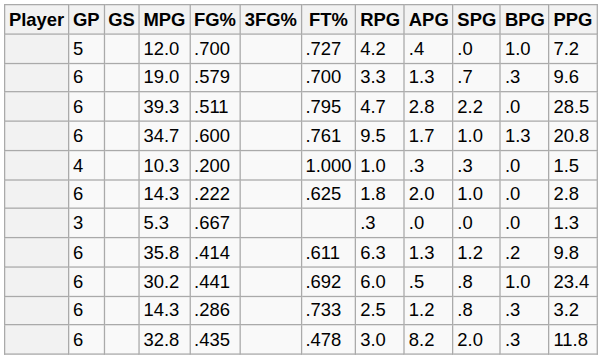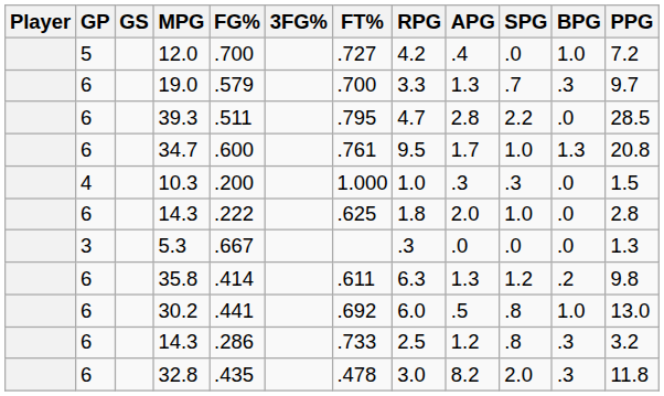 <table class="wikitable sortable" style="font-size: 90%">
 <tr>
 <th scope="col">Player</th>
 <th scope="col">GP</th>
 <th scope="col">GS</th>
 <th scope="col">MPG</th>
 <th scope="col">FG%</th>
 <th scope="col">3FG%</th>
 <th scope="col">FT%</th>
 <th scope="col">RPG</th>
 <th scope="col">APG</th>
 <th scope="col">SPG</th>
 <th scope="col">BPG</th>
 <th scope="col">PPG</th>
 </tr>
 <tr>
 <th scope="row" style="text-align:left;"></th>
 <td>5</td>
 <td></td>
 <td>12.0</td>
 <td>.700</td>
 <td></td>
 <td>.727</td>
 <td>4.2</td>
 <td>.4</td>
 <td>.0</td>
 <td>1.0</td>
 <td>7.2</td>
 </tr>
 <tr>
 <th scope="row" style="text-align:left;"></th>
 <td>6</td>
 <td></td>
 <td>19.0</td>
 <td>.579</td>
 <td></td>
 <td>.700</td>
 <td>3.3</td>
 <td>1.3</td>
 <td>.7</td>
 <td>.3</td>
-<td>9.6</td>
+<td>9.7</td>
 </tr>
 <tr>
 <th scope="row" style="text-align:left;"></th>
 <td>6</td>
 <td></td>
 <td>39.3</td>
 <td>.511</td>
 <td></td>
 <td>.795</td>
 <td>4.7</td>
 <td>2.8</td>
 <td>2.2</td>
 <td>.0</td>
 <td>28.5</td>
 </tr>
 <tr>
 <th scope="row" style="text-align:left;"></th>
 <td>6</td>
 <td></td>
 <td>34.7</td>
 <td>.600</td>
 <td></td>
 <td>.761</td>
 <td>9.5</td>
 <td>1.7</td>
 <td>1.0</td>
 <td>1.3</td>
 <td>20.8</td>
 </tr>
 <tr>
 <th scope="row" style="text-align:left;"></th>
 <td>4</td>
 <td></td>
 <td>10.3</td>
 <td>.200</td>
 <td></td>
 <td>1.000</td>
 <td>1.0</td>
 <td>.3</td>
 <td>.3</td>
 <td>.0</td>
 <td>1.5</td>
 </tr>
 <tr>
 <th scope="row" style="text-align:left;"></th>
 <td>6</td>
 <td></td>
 <td>14.3</td>
 <td>.222</td>
 <td></td>
 <td>.625</td>
 <td>1.8</td>
 <td>2.0</td>
 <td>1.0</td>
 <td>.0</td>
 <td>2.8</td>
 </tr>
 <tr>
 <th scope="row" style="text-align:left;"></th>
 <td>3</td>
 <td></td>
 <td>5.3</td>
 <td>.667</td>
 <td></td>
 <td></td>
 <td>.3</td>
 <td>.0</td>
 <td>.0</td>
 <td>.0</td>
 <td>1.3</td>
 </tr>
 <tr>
 <th scope="row" style="text-align:left;"></th>
 <td>6</td>
 <td></td>
 <td>35.8</td>
 <td>.414</td>
 <td></td>
 <td>.611</td>
 <td>6.3</td>
 <td>1.3</td>
 <td>1.2</td>
 <td>.2</td>
 <td>9.8</td>
 </tr>
 <tr>
 <th scope="row" style="text-align:left;"></th>
 <td>6</td>
 <td></td>
 <td>30.2</td>
 <td>.441</td>
 <td></td>
 <td>.692</td>
 <td>6.0</td>
 <td>.5</td>
 <td>.8</td>
 <td>1.0</td>
-<td>23.4</td>
+<td>13.0</td>
 </tr>
 <tr>
 <th scope="row" style="text-align:left;"></th>
 <td>6</td>
 <td></td>
 <td>14.3</td>
 <td>.286</td>
 <td></td>
 <td>.733</td>
 <td>2.5</td>
 <td>1.2</td>
 <td>.8</td>
 <td>.3</td>
 <td>3.2</td>
 </tr>
 <tr>
 <th scope="row" style="text-align:left;"></th>
 <td>6</td>
 <td></td>
 <td>32.8</td>
 <td>.435</td>
 <td></td>
 <td>.478</td>
 <td>3.0</td>
 <td>8.2</td>
 <td>2.0</td>
 <td>.3</td>
 <td>11.8</td>
 </tr>
 </table>
